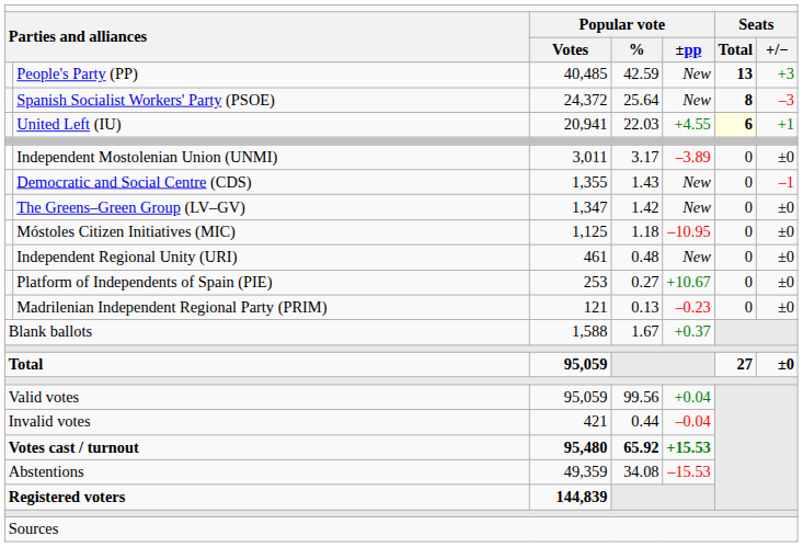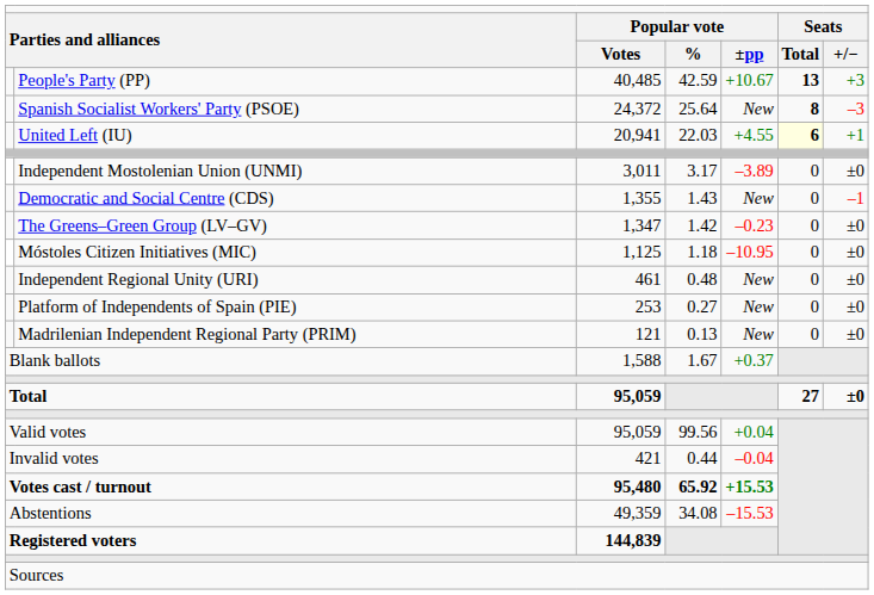 <table class="wikitable" style="text-align:right;">
 <tr>
 <td colspan="7"></td>
 </tr>
 <tr>
 <th style="text-align:left;" rowspan="2" colspan="2" width="525">Parties and alliances</th>
 <th colspan="3">Popular vote</th>
 <th colspan="2">Seats</th>
 </tr>
 <tr>
 <th width="75">Votes</th>
 <th width="45">%</th>
 <th width="45">±<a href='#'>pp</a></th>
 <th width="35">Total</th>
 <th width="35">+/−</th>
 </tr>
 <tr>
 <td width="1" style="color:inherit;background:"></td>
 <td align="left"><a href='#'>People's Party</a> (PP)</td>
 <td>40,485</td>
 <td>42.59</td>
-<td><em>New</em></td>
+<td style="color:green;">+10.67</td>
 <td><strong>13</strong></td>
 <td style="color:green;">+3</td>
 </tr>
 <tr>
 <td style="color:inherit;background:"></td>
 <td align="left"><a href='#'>Spanish Socialist Workers' Party</a> (PSOE)</td>
 <td>24,372</td>
 <td>25.64</td>
 <td><em>New</em></td>
 <td><strong>8</strong></td>
 <td style="color:red;">–3</td>
 </tr>
 <tr>
 <td style="color:inherit;background:"></td>
 <td align="left"><a href='#'>United Left</a> (IU)</td>
 <td>20,941</td>
 <td>22.03</td>
 <td style="color:green;">+4.55</td>
 <td style="background: lightyellow;"><strong>6</strong></td>
 <td style="color:green;">+1</td>
 </tr>
 <tr>
 <td colspan="7" bgcolor="#C0C0C0"></td>
 </tr>
 <tr>
 <td bgcolor="white"></td>
 <td align="left">Independent Mostolenian Union (UNMI)</td>
 <td>3,011</td>
 <td>3.17</td>
 <td style="color:red;">–3.89</td>
 <td>0</td>
 <td>±0</td>
 </tr>
 <tr>
 <td style="color:inherit;background:"></td>
 <td align="left"><a href='#'>Democratic and Social Centre</a> (CDS)</td>
 <td>1,355</td>
 <td>1.43</td>
 <td><em>New</em></td>
 <td>0</td>
 <td style="color:red;">–1</td>
 </tr>
 <tr>
 <td style="color:inherit;background:"></td>
 <td align="left"><a href='#'>The Greens–Green Group</a> (LV–GV)</td>
 <td>1,347</td>
 <td>1.42</td>
-<td><em>New</em></td>
+<td style="color:red;">–0.23</td>
 <td>0</td>
 <td>±0</td>
 </tr>
 <tr>
 <td bgcolor="white"></td>
 <td align="left">Móstoles Citizen Initiatives (MIC)</td>
 <td>1,125</td>
 <td>1.18</td>
 <td style="color:red;">–10.95</td>
 <td>0</td>
 <td>±0</td>
 </tr>
 <tr>
 <td style="color:inherit;background:"></td>
 <td align="left">Independent Regional Unity (URI)</td>
 <td>461</td>
 <td>0.48</td>
 <td><em>New</em></td>
 <td>0</td>
 <td>±0</td>
 </tr>
 <tr>
 <td style="color:inherit;background:"></td>
 <td align="left">Platform of Independents of Spain (PIE)</td>
 <td>253</td>
 <td>0.27</td>
-<td style="color:green;">+10.67</td>
+<td><em>New</em></td>
 <td>0</td>
 <td>±0</td>
 </tr>
 <tr>
 <td style="color:inherit;background:"></td>
 <td align="left">Madrilenian Independent Regional Party (PRIM)</td>
 <td>121</td>
 <td>0.13</td>
-<td style="color:red;">–0.23</td>
+<td><em>New</em></td>
 <td>0</td>
 <td>±0</td>
 </tr>
 <tr>
 <td align="left" colspan="2">Blank ballots</td>
 <td>1,588</td>
 <td>1.67</td>
 <td style="color:green;">+0.37</td>
 <td bgcolor="#E9E9E9" colspan="2"></td>
 </tr>
 <tr>
 <td colspan="7" bgcolor="#E9E9E9"></td>
 </tr>
 <tr style="font-weight:bold;">
 <td align="left" colspan="2">Total</td>
 <td>95,059</td>
 <td bgcolor="#E9E9E9" colspan="2"></td>
 <td>27</td>
 <td>±0</td>
 </tr>
 <tr>
 <td colspan="7" bgcolor="#E9E9E9"></td>
 </tr>
 <tr>
 <td align="left" colspan="2">Valid votes</td>
 <td>95,059</td>
 <td>99.56</td>
 <td style="color:green;">+0.04</td>
 <td bgcolor="#E9E9E9" colspan="2" rowspan="5"></td>
 </tr>
 <tr>
 <td align="left" colspan="2">Invalid votes</td>
 <td>421</td>
 <td>0.44</td>
 <td style="color:red;">–0.04</td>
 </tr>
 <tr style="font-weight:bold;">
 <td align="left" colspan="2">Votes cast / turnout</td>
 <td>95,480</td>
 <td>65.92</td>
 <td style="color:green;">+15.53</td>
 </tr>
 <tr>
 <td align="left" colspan="2">Abstentions</td>
 <td>49,359</td>
 <td>34.08</td>
 <td style="color:red;">–15.53</td>
 </tr>
 <tr style="font-weight:bold;">
 <td align="left" colspan="2">Registered voters</td>
 <td>144,839</td>
 <td bgcolor="#E9E9E9" colspan="2"></td>
 </tr>
 <tr>
 <td colspan="7" bgcolor="#E9E9E9"></td>
 </tr>
 <tr>
 <td align="left" colspan="7">Sources</td>
 </tr>
 </table>
